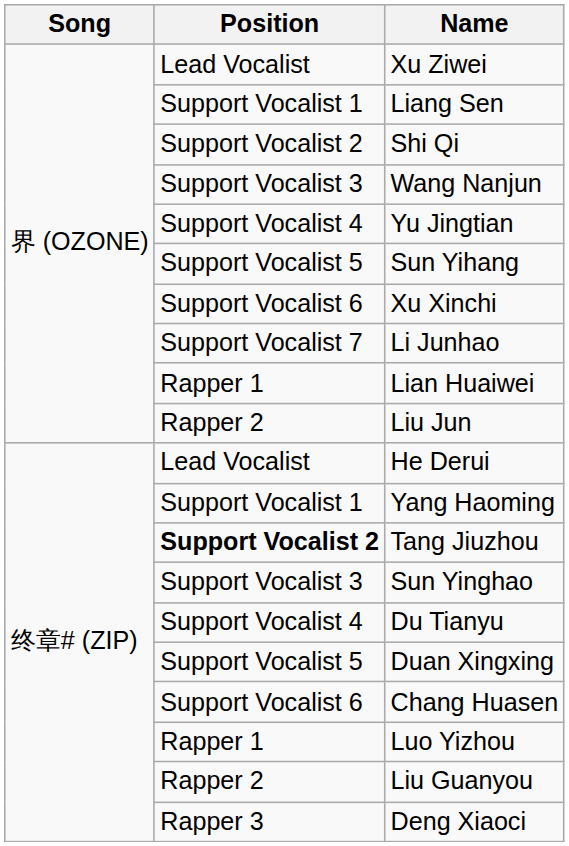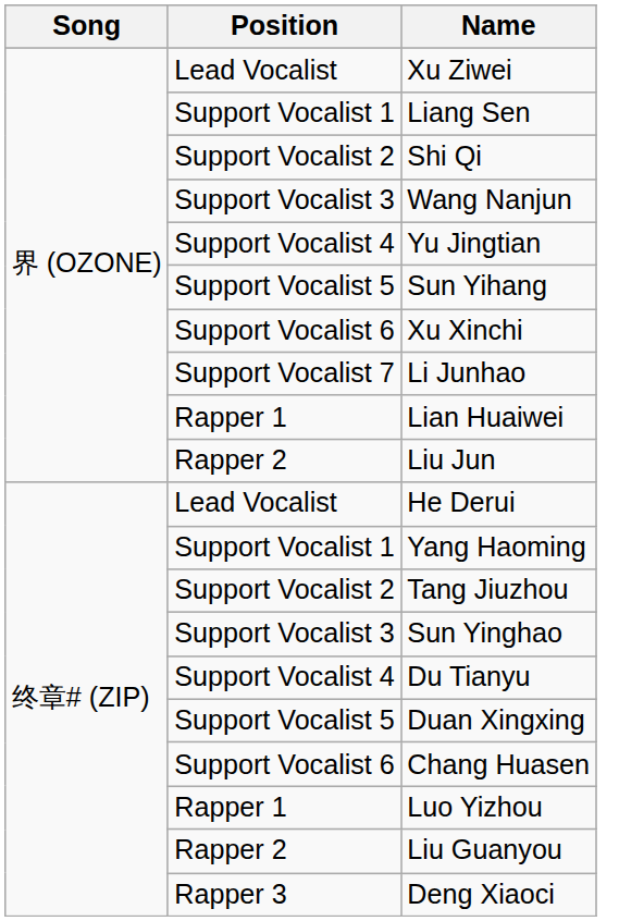 <table class="wikitable sortable">
 <tr>
 <th>Song</th>
 <th>Position</th>
 <th>Name</th>
 </tr>
 <tr>
 <td rowspan="10">界 (OZONE)</td>
 <td>Lead Vocalist</td>
 <td>Xu Ziwei</td>
 </tr>
 <tr>
 <td>Support Vocalist 1</td>
 <td>Liang Sen</td>
 </tr>
 <tr>
 <td>Support Vocalist 2</td>
 <td>Shi Qi</td>
 </tr>
 <tr>
 <td>Support Vocalist 3</td>
 <td>Wang Nanjun</td>
 </tr>
 <tr>
 <td>Support Vocalist 4</td>
 <td>Yu Jingtian</td>
 </tr>
 <tr>
 <td>Support Vocalist 5</td>
 <td>Sun Yihang</td>
 </tr>
 <tr>
 <td>Support Vocalist 6</td>
 <td>Xu Xinchi</td>
 </tr>
 <tr>
 <td>Support Vocalist 7</td>
 <td>Li Junhao</td>
 </tr>
 <tr>
 <td>Rapper 1</td>
 <td>Lian Huaiwei</td>
 </tr>
 <tr>
 <td>Rapper 2</td>
 <td>Liu Jun</td>
 </tr>
 <tr>
 <td rowspan="10">终章# (ZIP)</td>
 <td>Lead Vocalist</td>
 <td>He Derui</td>
 </tr>
 <tr>
 <td>Support Vocalist 1</td>
 <td>Yang Haoming</td>
 </tr>
 <tr>
-<td><strong>Support Vocalist 2</strong></td>
+<td>Support Vocalist 2</td>
 <td>Tang Jiuzhou</td>
 </tr>
 <tr>
 <td>Support Vocalist 3</td>
 <td>Sun Yinghao</td>
 </tr>
 <tr>
 <td>Support Vocalist 4</td>
 <td>Du Tianyu</td>
 </tr>
 <tr>
 <td>Support Vocalist 5</td>
 <td>Duan Xingxing</td>
 </tr>
 <tr>
 <td>Support Vocalist 6</td>
 <td>Chang Huasen</td>
 </tr>
 <tr>
 <td>Rapper 1</td>
 <td>Luo Yizhou</td>
 </tr>
 <tr>
 <td>Rapper 2</td>
 <td>Liu Guanyou</td>
 </tr>
 <tr>
 <td>Rapper 3</td>
 <td>Deng Xiaoci</td>
 </tr>
 </table>
